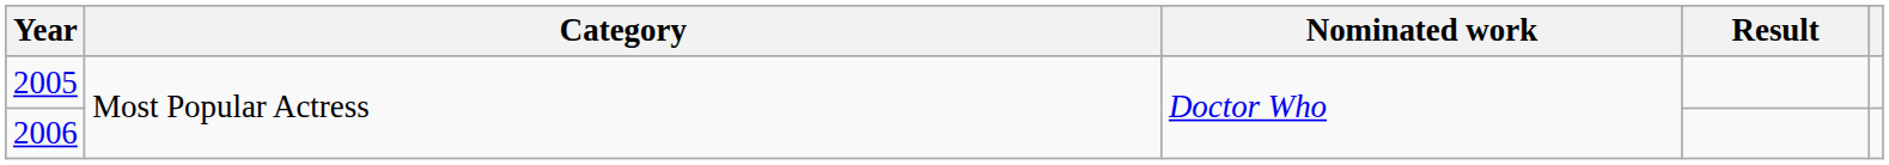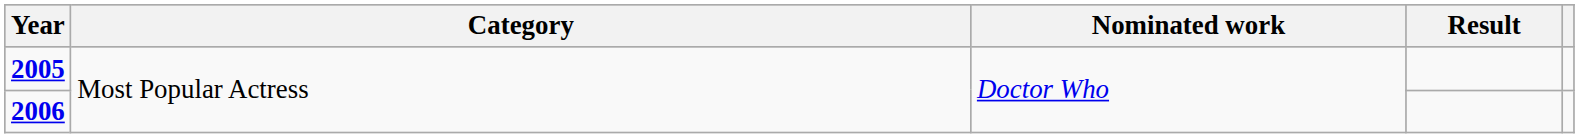 <table class="wikitable" width = 74%>
 <tr>
 <th width=4%>Year</th>
 <th width=58%>Category</th>
 <th width=28%>Nominated work</th>
 <th width=10%>Result</th>
 <th width=5%></th>
 </tr>
 <tr>
-<td><a href='#'>2005</a></td>
+<td><strong><a href='#'>2005</a></strong></td>
 <td rowspan="2">Most Popular Actress</td>
 <td rowspan="2"><em><a href='#'>Doctor Who</a></em></td>
 <td></td>
 <td></td>
 </tr>
 <tr>
-<td><a href='#'>2006</a></td>
+<td><strong><a href='#'>2006</a></strong></td>
 <td></td>
 <td></td>
 </tr>
 </table>
